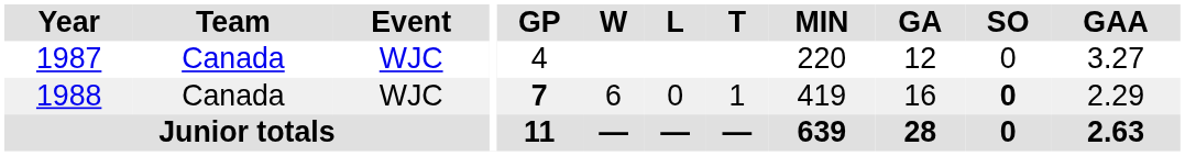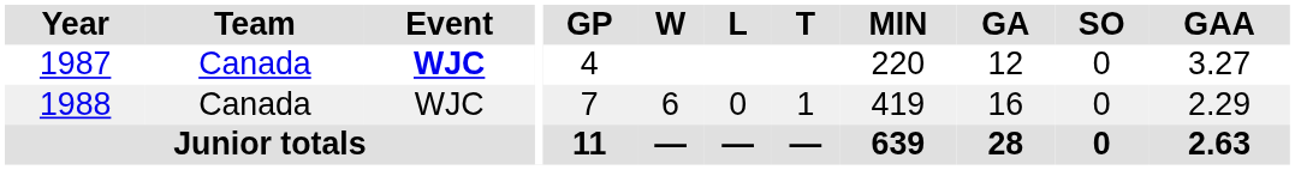 <table border="0" cellpadding="1" cellspacing="0" ID="Table3" style="text-align:center; width:40em">
 <tr ALIGN="center" bgcolor="#e0e0e0">
 <th>Year</th>
 <th>Team</th>
 <th>Event</th>
 <th rowspan="99" bgcolor="#ffffff"></th>
 <th>GP</th>
 <th>W</th>
 <th>L</th>
 <th>T</th>
 <th>MIN</th>
 <th>GA</th>
 <th>SO</th>
 <th>GAA</th>
 </tr>
 <tr>
 <td><a href='#'>1987</a></td>
 <td><a href='#'>Canada</a></td>
-<td><a href='#'>WJC</a></td>
+<td><strong><a href='#'>WJC</a></strong></td>
 <td>4</td>
 <td></td>
 <td></td>
 <td></td>
 <td>220</td>
 <td>12</td>
 <td>0</td>
 <td>3.27</td>
 </tr>
 <tr bgcolor="#f0f0f0">
 <td><a href='#'>1988</a></td>
 <td>Canada</td>
 <td>WJC</td>
-<td><strong>7</strong></td>
+<td>7</td>
 <td>6</td>
 <td>0</td>
 <td>1</td>
 <td>419</td>
 <td>16</td>
-<td><strong>0</strong></td>
+<td>0</td>
 <td>2.29</td>
 </tr>
 <tr bgcolor="#e0e0e0">
 <th colspan=3>Junior totals</th>
 <th>11</th>
 <th>—</th>
 <th>—</th>
 <th>—</th>
 <th>639</th>
 <th>28</th>
 <th>0</th>
 <th>2.63</th>
 </tr>
 </table>
